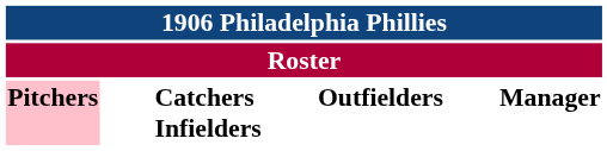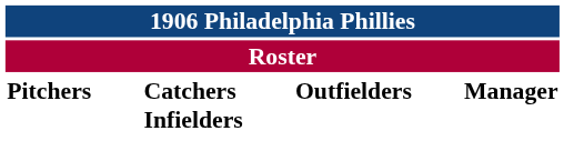 <table class="toccolours" style="font-size: 95%;">
 <tr>
 <th colspan="10" style="background-color: #0f437c; color: white; text-align: center;">1906 Philadelphia Phillies</th>
 </tr>
 <tr>
 <td colspan="10" style="background-color: #af0039; color: white; text-align: center;"><strong>Roster</strong></td>
 </tr>
 <tr>
-<td valign="top" style="background: pink;"><strong>Pitchers</strong><br>         </td>
+<td valign="top"><strong>Pitchers</strong><br>         </td>
 <td width="25px"></td>
 <td valign="top"><strong>Catchers</strong><br>    <strong>Infielders</strong>      </td>
 <td width="25px"></td>
 <td valign="top"><strong>Outfielders</strong><br>   </td>
 <td width="25px"></td>
 <td valign="top"><strong>Manager</strong><br></td>
 </tr>
 </table>
